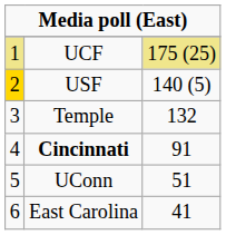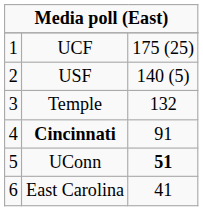 <table class="wikitable">
 <tr align="center">
 <td align="center" Colspan="3"><strong>Media poll (East)</strong></td>
 </tr>
 <tr align="center">
 </tr>
 <tr align="center">
-<td style="background: khaki;">1</td>
+<td>1</td>
 <td>UCF</td>
-<td style="background: khaki;">175 (25)</td>
+<td>175 (25)</td>
 </tr>
 <tr align="center">
-<td style="background: gold;">2</td>
+<td>2</td>
 <td>USF</td>
 <td>140 (5)</td>
 </tr>
 <tr align="center">
 <td>3</td>
 <td>Temple</td>
 <td>132</td>
 </tr>
 <tr align="center">
 <td>4</td>
 <td><strong>Cincinnati</strong></td>
 <td>91</td>
 </tr>
 <tr align="center">
 <td>5</td>
 <td>UConn</td>
-<td>51</td>
+<td><strong>51</strong></td>
 </tr>
 <tr align="center">
 <td>6</td>
 <td>East Carolina</td>
 <td>41</td>
 </tr>
 </table>
